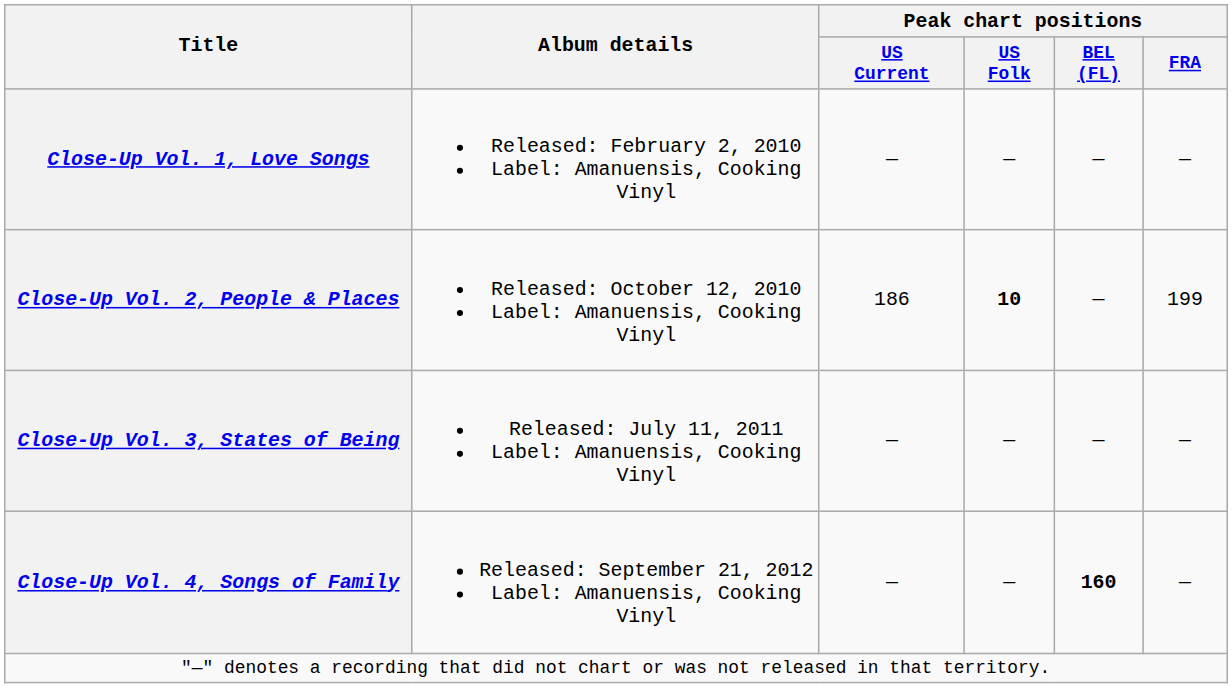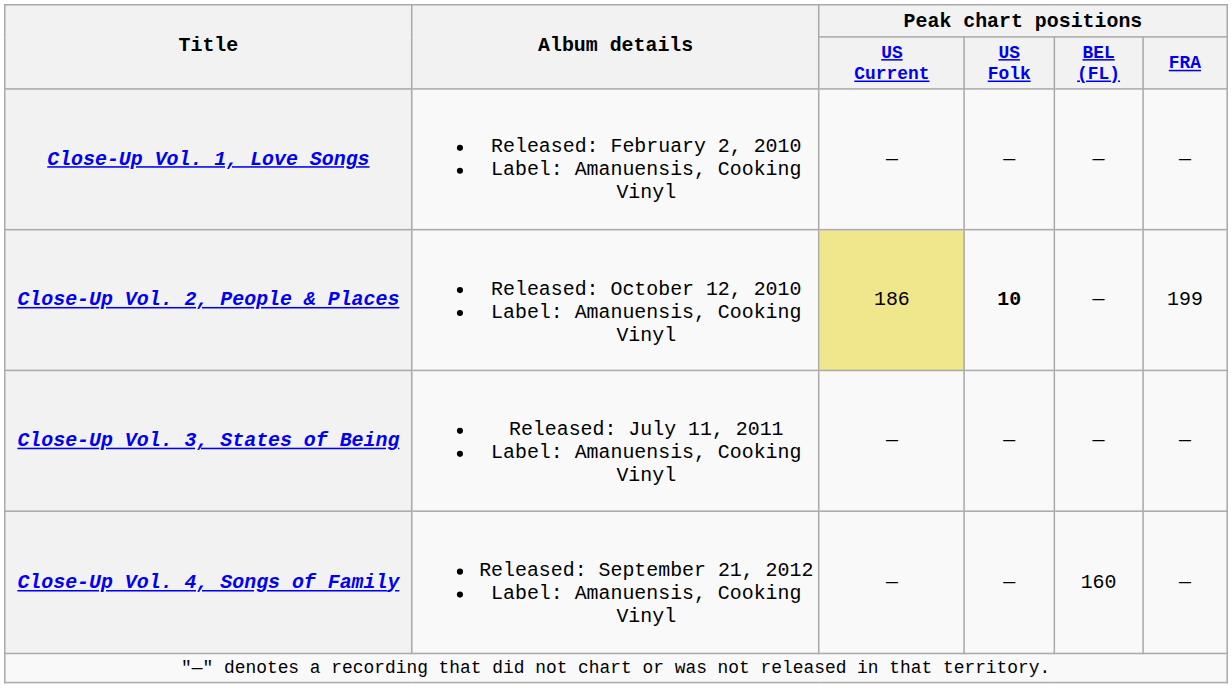 <table class="wikitable plainrowheaders" style="text-align:center;" border="1">
 <tr>
 <th scope="col" rowspan="2" style="width:20em;">Title</th>
 <th scope="col" rowspan="2" style="width:20em;">Album details</th>
 <th scope="col" colspan="4" style="width:20em;">Peak chart positions</th>
 </tr>
 <tr>
 <th scope="col" style="width:2.2em;font-size:90%;"><a href='#'>US<br>Current</a><br></th>
 <th scope="col" style="width:2.2em;font-size:90%;"><a href='#'>US<br>Folk</a><br></th>
 <th scope="col" style="width:2.2em;font-size:90%;"><a href='#'>BEL<br>(FL)</a><br></th>
 <th scope="col" style="width:2.2em;font-size:90%;"><a href='#'>FRA</a><br></th>
 </tr>
 <tr>
 <th scope="row"><em><a href='#'>Close-Up Vol. 1, Love Songs</a></em></th>
 <td><br><ul><li>Released: February 2, 2010</li><li>Label: Amanuensis, Cooking Vinyl</li></ul></td>
 <td>—</td>
 <td>—</td>
 <td>—</td>
 <td>—</td>
 </tr>
 <tr>
 <th scope="row"><em><a href='#'>Close-Up Vol. 2, People & Places</a></em></th>
 <td><br><ul><li>Released: October 12, 2010</li><li>Label: Amanuensis, Cooking Vinyl</li></ul></td>
-<td>186</td>
+<td style="background: khaki;">186</td>
 <td><strong>10</strong></td>
 <td>—</td>
 <td>199</td>
 </tr>
 <tr>
 <th scope="row"><em><a href='#'>Close-Up Vol. 3, States of Being</a></em></th>
 <td><br><ul><li>Released: July 11, 2011</li><li>Label: Amanuensis, Cooking Vinyl</li></ul></td>
 <td>—</td>
 <td>—</td>
 <td>—</td>
 <td>—</td>
 </tr>
 <tr>
 <th scope="row"><em><a href='#'>Close-Up Vol. 4, Songs of Family</a></em></th>
 <td><br><ul><li>Released: September 21, 2012</li><li>Label: Amanuensis, Cooking Vinyl</li></ul></td>
 <td>—</td>
 <td>—</td>
-<td><strong>160</strong></td>
+<td>160</td>
 <td>—</td>
 </tr>
 <tr>
 <td colspan="6" style="font-size:90%">"—" denotes a recording that did not chart or was not released in that territory.</td>
 </tr>
 </table>
